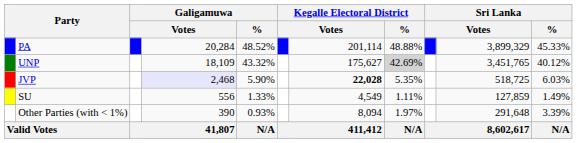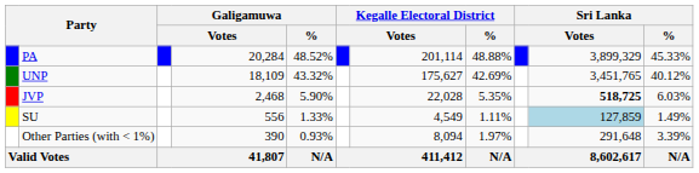 <table class="wikitable">
 <tr>
 <th colspan="2" width="144px"rowspan="2">Party</th>
 <th colspan="3" width="216px">Galigamuwa</th>
 <th colspan="3" width="216px"><a href='#'>Kegalle Electoral District</a></th>
 <th colspan="3" width="216px">Sri Lanka</th>
 </tr>
 <tr>
 <th colspan="2" width="144px">Votes</th>
 <th>%</th>
 <th colspan="2" width="144px">Votes</th>
 <th>%</th>
 <th colspan="2" width="144px">Votes</th>
 <th>%</th>
 </tr>
 <tr>
 <td style="background-color:blue;" width="10px"></td>
 <td style="text-align:left;"><a href='#'>PA</a></td>
 <td style="background-color:blue;" width="10px"></td>
 <td style="text-align:right;">20,284</td>
 <td style="text-align:right;">48.52%</td>
 <td style="background-color:blue;" width="10px"></td>
 <td style="text-align:right;">201,114</td>
 <td style="text-align:right;">48.88%</td>
 <td style="background-color:blue;" width="10px"></td>
 <td style="text-align:right;">3,899,329</td>
 <td style="text-align:right;">45.33%</td>
 </tr>
 <tr>
 <td style="background-color:green;" width="10px"></td>
 <td style="text-align:left;"><a href='#'>UNP</a></td>
 <td style="background-color:white;" width="10px"></td>
 <td style="text-align:right;">18,109</td>
 <td style="text-align:right;">43.32%</td>
 <td style="background-color:white;" width="10px"></td>
 <td style="text-align:right;">175,627</td>
-<td style="background: lightgrey; text-align:right;">42.69%</td>
+<td style="text-align:right;">42.69%</td>
 <td style="background-color:white;" width="10px"></td>
 <td style="text-align:right;">3,451,765</td>
 <td style="text-align:right;">40.12%</td>
 </tr>
 <tr>
 <td style="background-color:red;" width="10px"></td>
 <td style="text-align:left;"><a href='#'>JVP</a></td>
 <td style="background-color:white;" width="10px"></td>
-<td style="background: lavender; text-align:right;">2,468</td>
+<td style="text-align:right;">2,468</td>
 <td style="text-align:right;">5.90%</td>
 <td style="background-color:white;" width="10px"></td>
-<td style="text-align:right;"><strong>22,028</strong></td>
+<td style="text-align:right;">22,028</td>
 <td style="text-align:right;">5.35%</td>
 <td style="background-color:white;" width="10px"></td>
-<td style="text-align:right;">518,725</td>
+<td style="text-align:right;"><strong>518,725</strong></td>
 <td style="text-align:right;">6.03%</td>
 </tr>
 <tr>
 <td style="background-color:yellow;" width="10px"></td>
 <td style="text-align:left;">SU</td>
 <td style="background-color:white;" width="10px"></td>
 <td style="text-align:right;">556</td>
 <td style="text-align:right;">1.33%</td>
 <td style="background-color:white;" width="10px"></td>
 <td style="text-align:right;">4,549</td>
 <td style="text-align:right;">1.11%</td>
 <td style="background-color:white;" width="10px"></td>
-<td style="text-align:right;">127,859</td>
+<td style="background: lightblue; text-align:right;">127,859</td>
 <td style="text-align:right;">1.49%</td>
 </tr>
 <tr>
 <td style="background-color:white;" width="10px"></td>
 <td style="text-align:left;">Other Parties (with < 1%)</td>
 <td style="background-color:white;" width="10px"></td>
 <td style="text-align:right;">390</td>
 <td style="text-align:right;">0.93%</td>
 <td style="background-color:white;" width="10px"></td>
 <td style="text-align:right;">8,094</td>
 <td style="text-align:right;">1.97%</td>
 <td style="background-color:white;" width="10px"></td>
 <td style="text-align:right;">291,648</td>
 <td style="text-align:right;">3.39%</td>
 </tr>
 <tr>
 <th colspan="2" width="144px"style="text-align:left;">Valid Votes</th>
 <th style="text-align:right;"colspan="2" width="144px">41,807</th>
 <th style="text-align:right;">N/A</th>
 <th style="text-align:right;"colspan="2" width="144px">411,412</th>
 <th style="text-align:right;">N/A</th>
 <th style="text-align:right;"colspan="2" width="144px">8,602,617</th>
 <th style="text-align:right;">N/A</th>
 </tr>
 </table>
